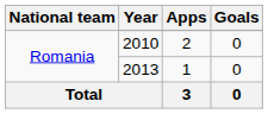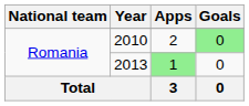 <table class="wikitable" style="text-align: center;">
 <tr>
 <th>National team</th>
 <th>Year</th>
 <th>Apps</th>
 <th>Goals</th>
 </tr>
 <tr>
 <td rowspan="3"><a href='#'>Romania</a></td>
 </tr>
 <tr>
 <td>2010</td>
 <td>2</td>
-<td>0</td>
+<td style="background: lightgreen;">0</td>
 </tr>
 <tr>
 <td>2013</td>
-<td>1</td>
+<td style="background: lightgreen;">1</td>
 <td>0</td>
 </tr>
 <tr>
 <th colspan=2>Total</th>
 <th>3</th>
 <th>0</th>
 </tr>
 </table>
